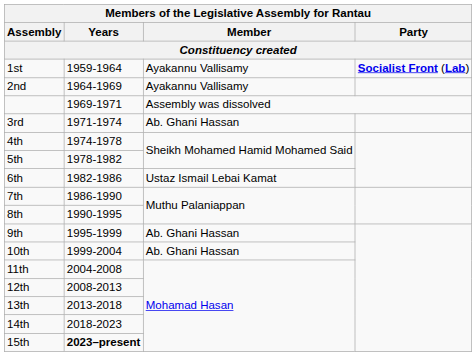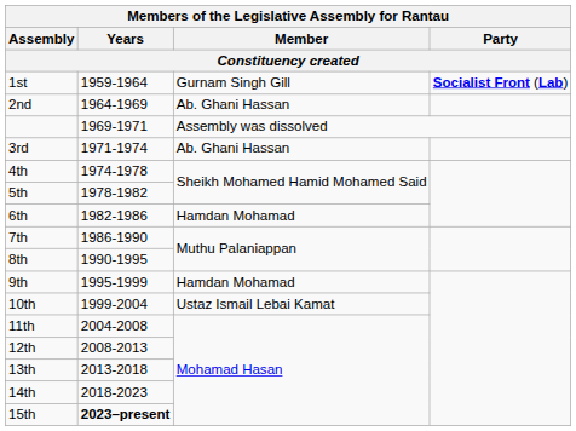 <table class=wikitable>
 <tr>
 <th colspan=4>Members of the Legislative Assembly for Rantau</th>
 </tr>
 <tr>
 <th>Assembly</th>
 <th>Years</th>
 <th>Member</th>
 <th>Party</th>
 </tr>
 <tr>
 <th colspan=4 align=center><em>Constituency created</em></th>
 </tr>
 <tr>
 <td>1st</td>
 <td>1959-1964</td>
-<td>Ayakannu Vallisamy</td>
+<td>Gurnam Singh Gill</td>
 <td><strong><a href='#'>Socialist Front</a></strong> (<strong><a href='#'>Lab</a></strong>)</td>
 </tr>
 <tr>
 <td>2nd</td>
 <td>1964-1969</td>
-<td>Ayakannu Vallisamy</td>
+<td>Ab. Ghani Hassan</td>
 <td></td>
 </tr>
 <tr>
 <td></td>
 <td>1969-1971</td>
 <td colspan="2">Assembly was dissolved</td>
 </tr>
 <tr>
 <td>3rd</td>
 <td>1971-1974</td>
 <td>Ab. Ghani Hassan</td>
 <td></td>
 </tr>
 <tr>
 <td>4th</td>
 <td>1974-1978</td>
 <td rowspan="2">Sheikh Mohamed Hamid Mohamed Said</td>
 <td rowspan="3"></td>
 </tr>
 <tr>
 <td>5th</td>
 <td>1978-1982</td>
 </tr>
 <tr>
 <td>6th</td>
 <td>1982-1986</td>
-<td>Ustaz Ismail Lebai Kamat</td>
+<td>Hamdan Mohamad</td>
 </tr>
 <tr>
 <td>7th</td>
 <td>1986-1990</td>
 <td rowspan="2">Muthu Palaniappan</td>
 <td rowspan="2"></td>
 </tr>
 <tr>
 <td>8th</td>
 <td>1990-1995</td>
 </tr>
 <tr>
 <td>9th</td>
 <td>1995-1999</td>
-<td>Ab. Ghani Hassan</td>
+<td>Hamdan Mohamad</td>
 <td rowspan="7"></td>
 </tr>
 <tr>
 <td>10th</td>
 <td>1999-2004</td>
-<td>Ab. Ghani Hassan</td>
+<td>Ustaz Ismail Lebai Kamat</td>
 </tr>
 <tr>
 <td>11th</td>
 <td>2004-2008</td>
 <td rowspan="5"><a href='#'>Mohamad Hasan</a></td>
 </tr>
 <tr>
 <td>12th</td>
 <td>2008-2013</td>
 </tr>
 <tr>
 <td>13th</td>
 <td>2013-2018</td>
 </tr>
 <tr>
 <td>14th</td>
 <td>2018-2023</td>
 </tr>
 <tr>
 <td>15th</td>
 <td><strong>2023–present</strong></td>
 </tr>
 </table>
